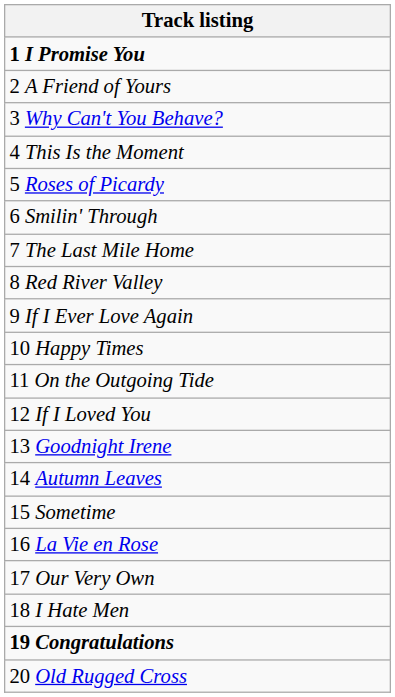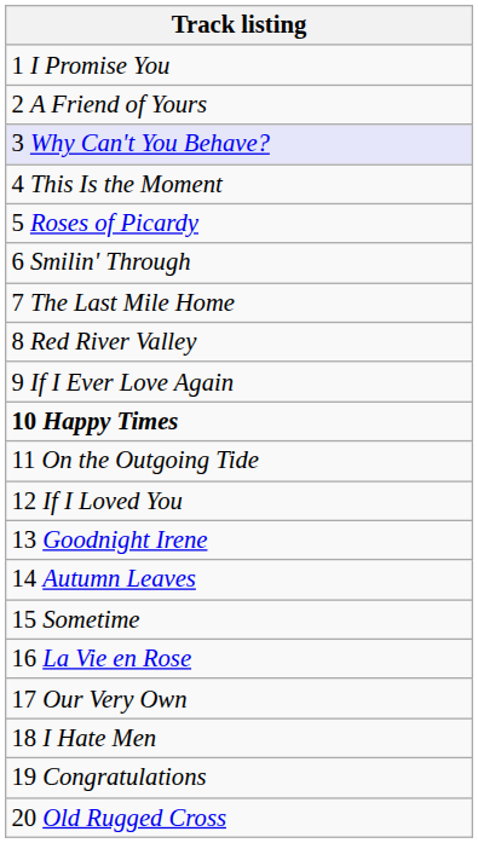 <table class="wikitable collapsible collapsed" style="width:300px;">
 <tr>
 <th>Track listing</th>
 </tr>
 <tr>
-<td><strong>1 <em>I Promise You</em></strong></td>
+<td>1 <em>I Promise You</em></td>
 </tr>
 <tr>
 <td>2 <em>A Friend of Yours</em></td>
 </tr>
 <tr>
-<td>3 <em><a href='#'>Why Can't You Behave?</a></em></td>
+<td style="background: lavender;">3 <em><a href='#'>Why Can't You Behave?</a></em></td>
 </tr>
 <tr>
 <td>4 <em>This Is the Moment</em></td>
 </tr>
 <tr>
 <td>5 <em><a href='#'>Roses of Picardy</a></em></td>
 </tr>
 <tr>
 <td>6 <em>Smilin' Through</em></td>
 </tr>
 <tr>
 <td>7 <em>The Last Mile Home</em></td>
 </tr>
 <tr>
 <td>8 <em>Red River Valley</em></td>
 </tr>
 <tr>
 <td>9 <em>If I Ever Love Again</em></td>
 </tr>
 <tr>
-<td>10 <em>Happy Times</em></td>
+<td><strong>10 <em>Happy Times</em></strong></td>
 </tr>
 <tr>
 <td>11 <em>On the Outgoing Tide</em></td>
 </tr>
 <tr>
 <td>12 <em>If I Loved You</em></td>
 </tr>
 <tr>
 <td>13 <em><a href='#'>Goodnight Irene</a></em></td>
 </tr>
 <tr>
 <td>14 <em><a href='#'>Autumn Leaves</a></em></td>
 </tr>
 <tr>
 <td>15 <em>Sometime</em></td>
 </tr>
 <tr>
 <td>16 <em><a href='#'>La Vie en Rose</a></em></td>
 </tr>
 <tr>
 <td>17 <em>Our Very Own</em></td>
 </tr>
 <tr>
 <td>18 <em>I Hate Men</em></td>
 </tr>
 <tr>
-<td><strong>19 <em>Congratulations</em></strong></td>
+<td>19 <em>Congratulations</em></td>
 </tr>
 <tr>
 <td>20 <em><a href='#'>Old Rugged Cross</a></em></td>
 </tr>
 </table>
